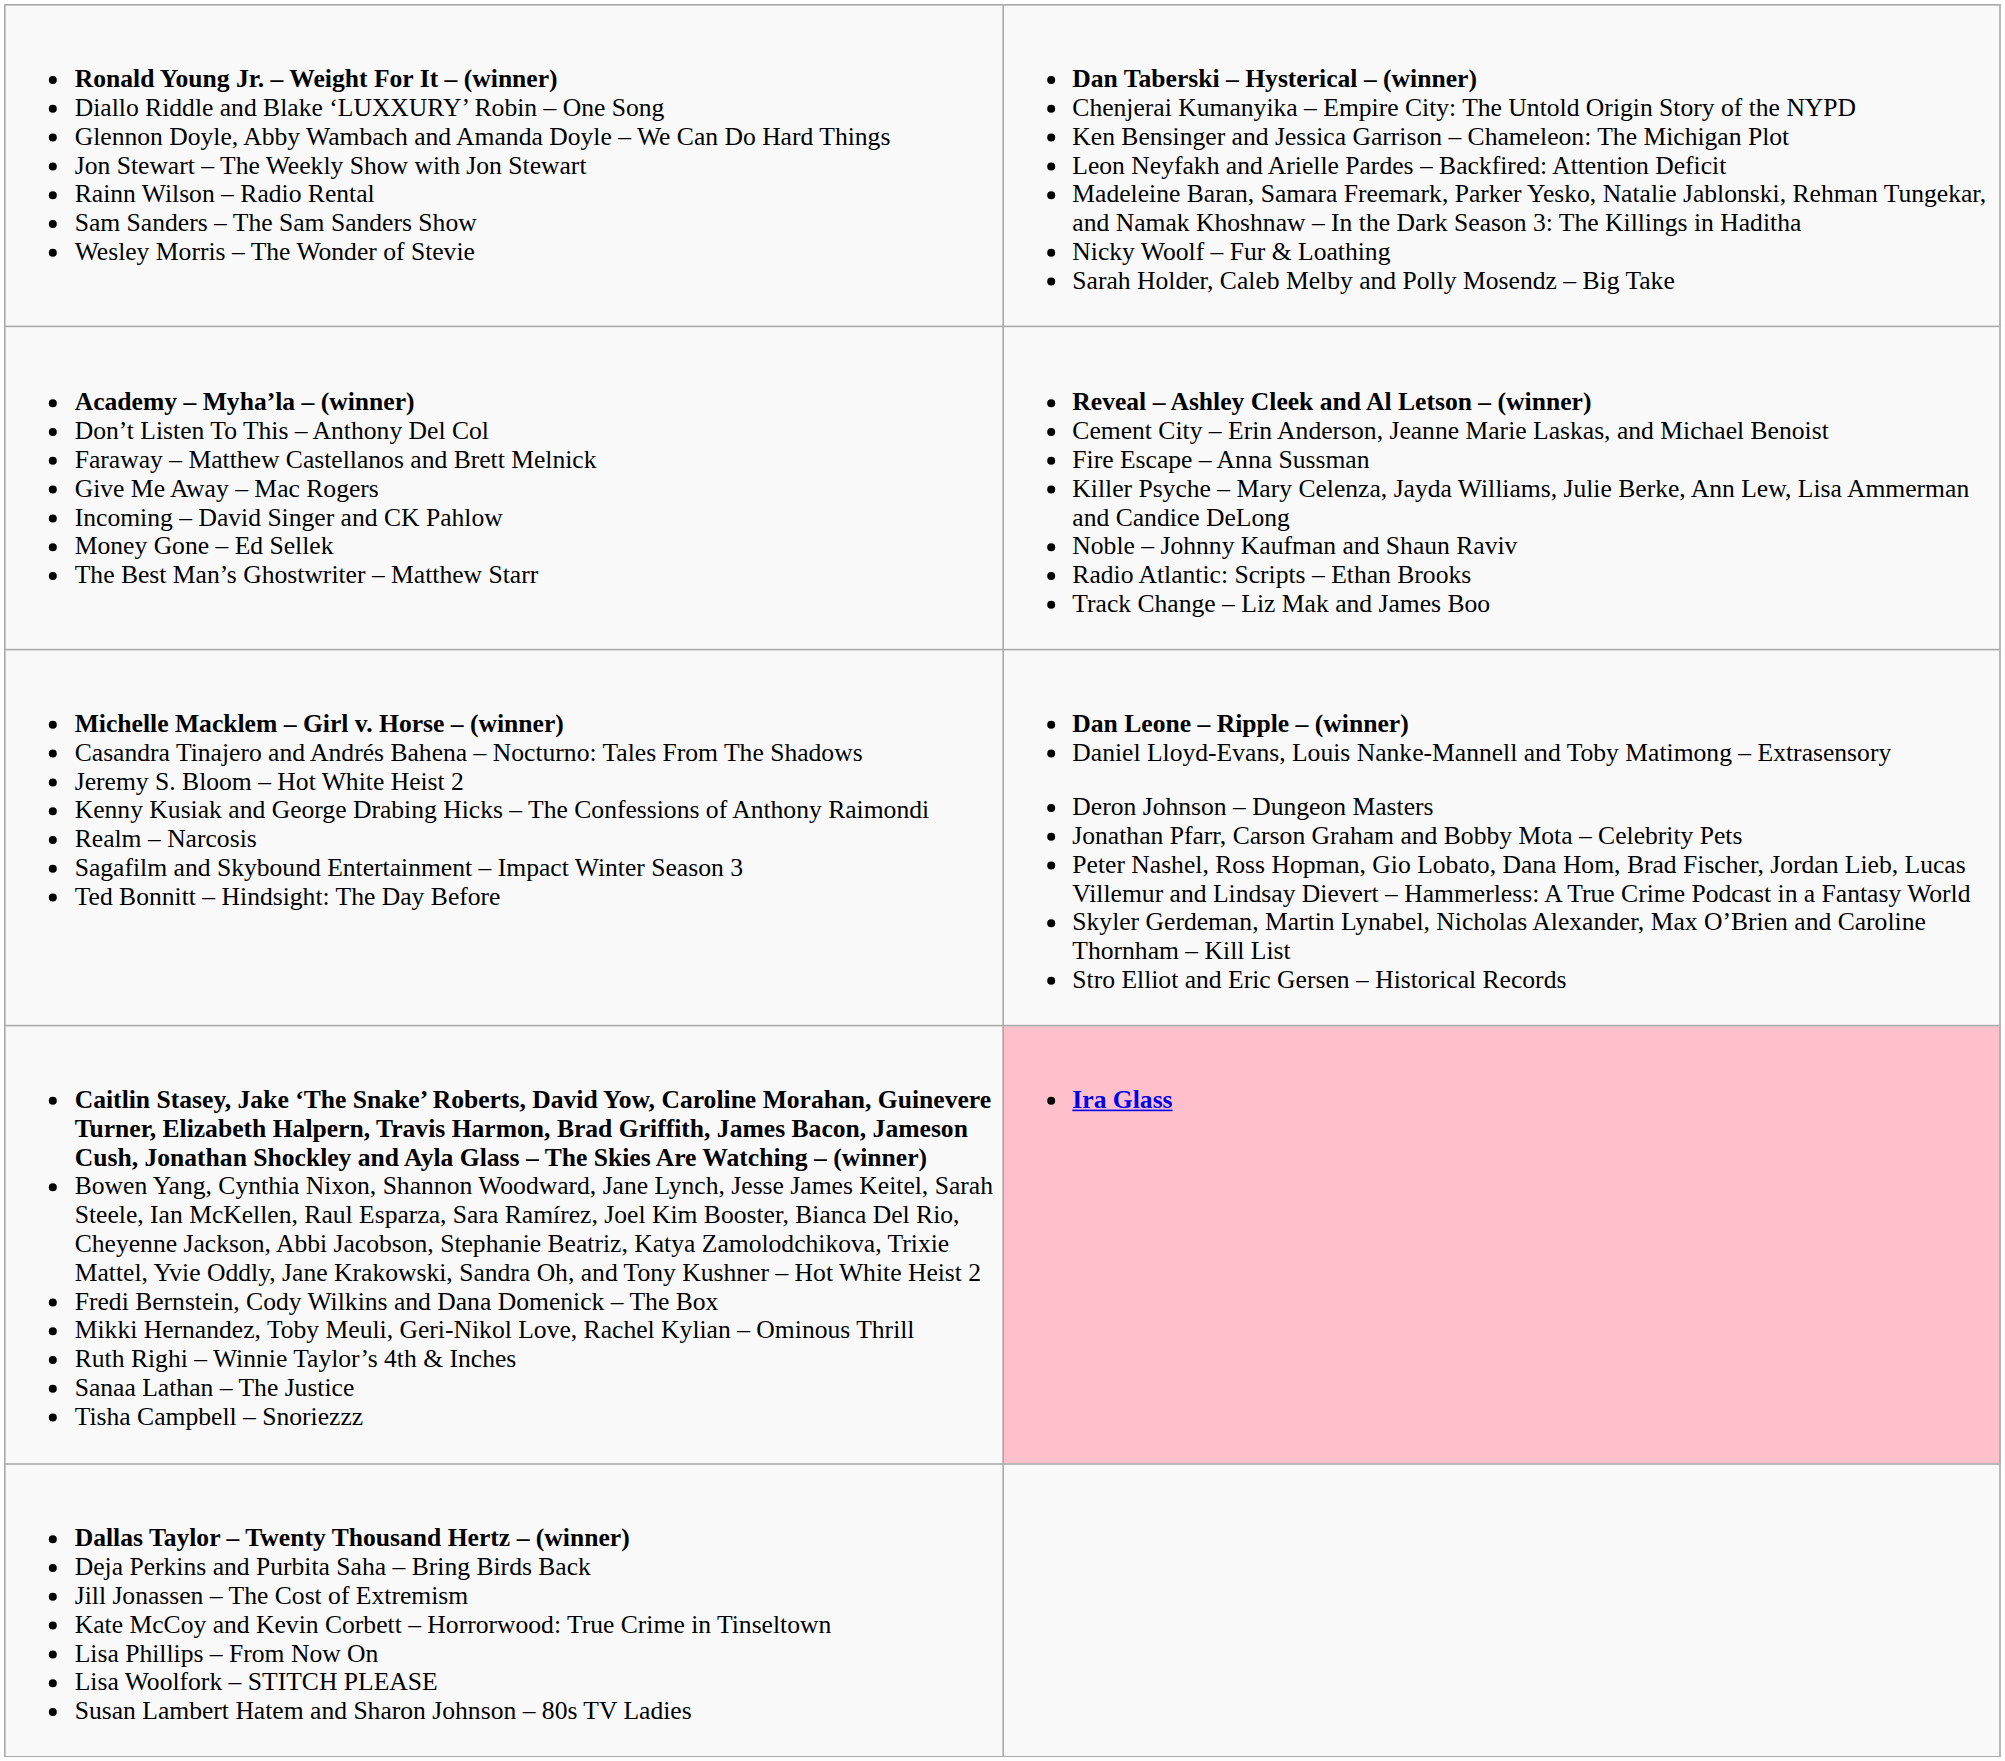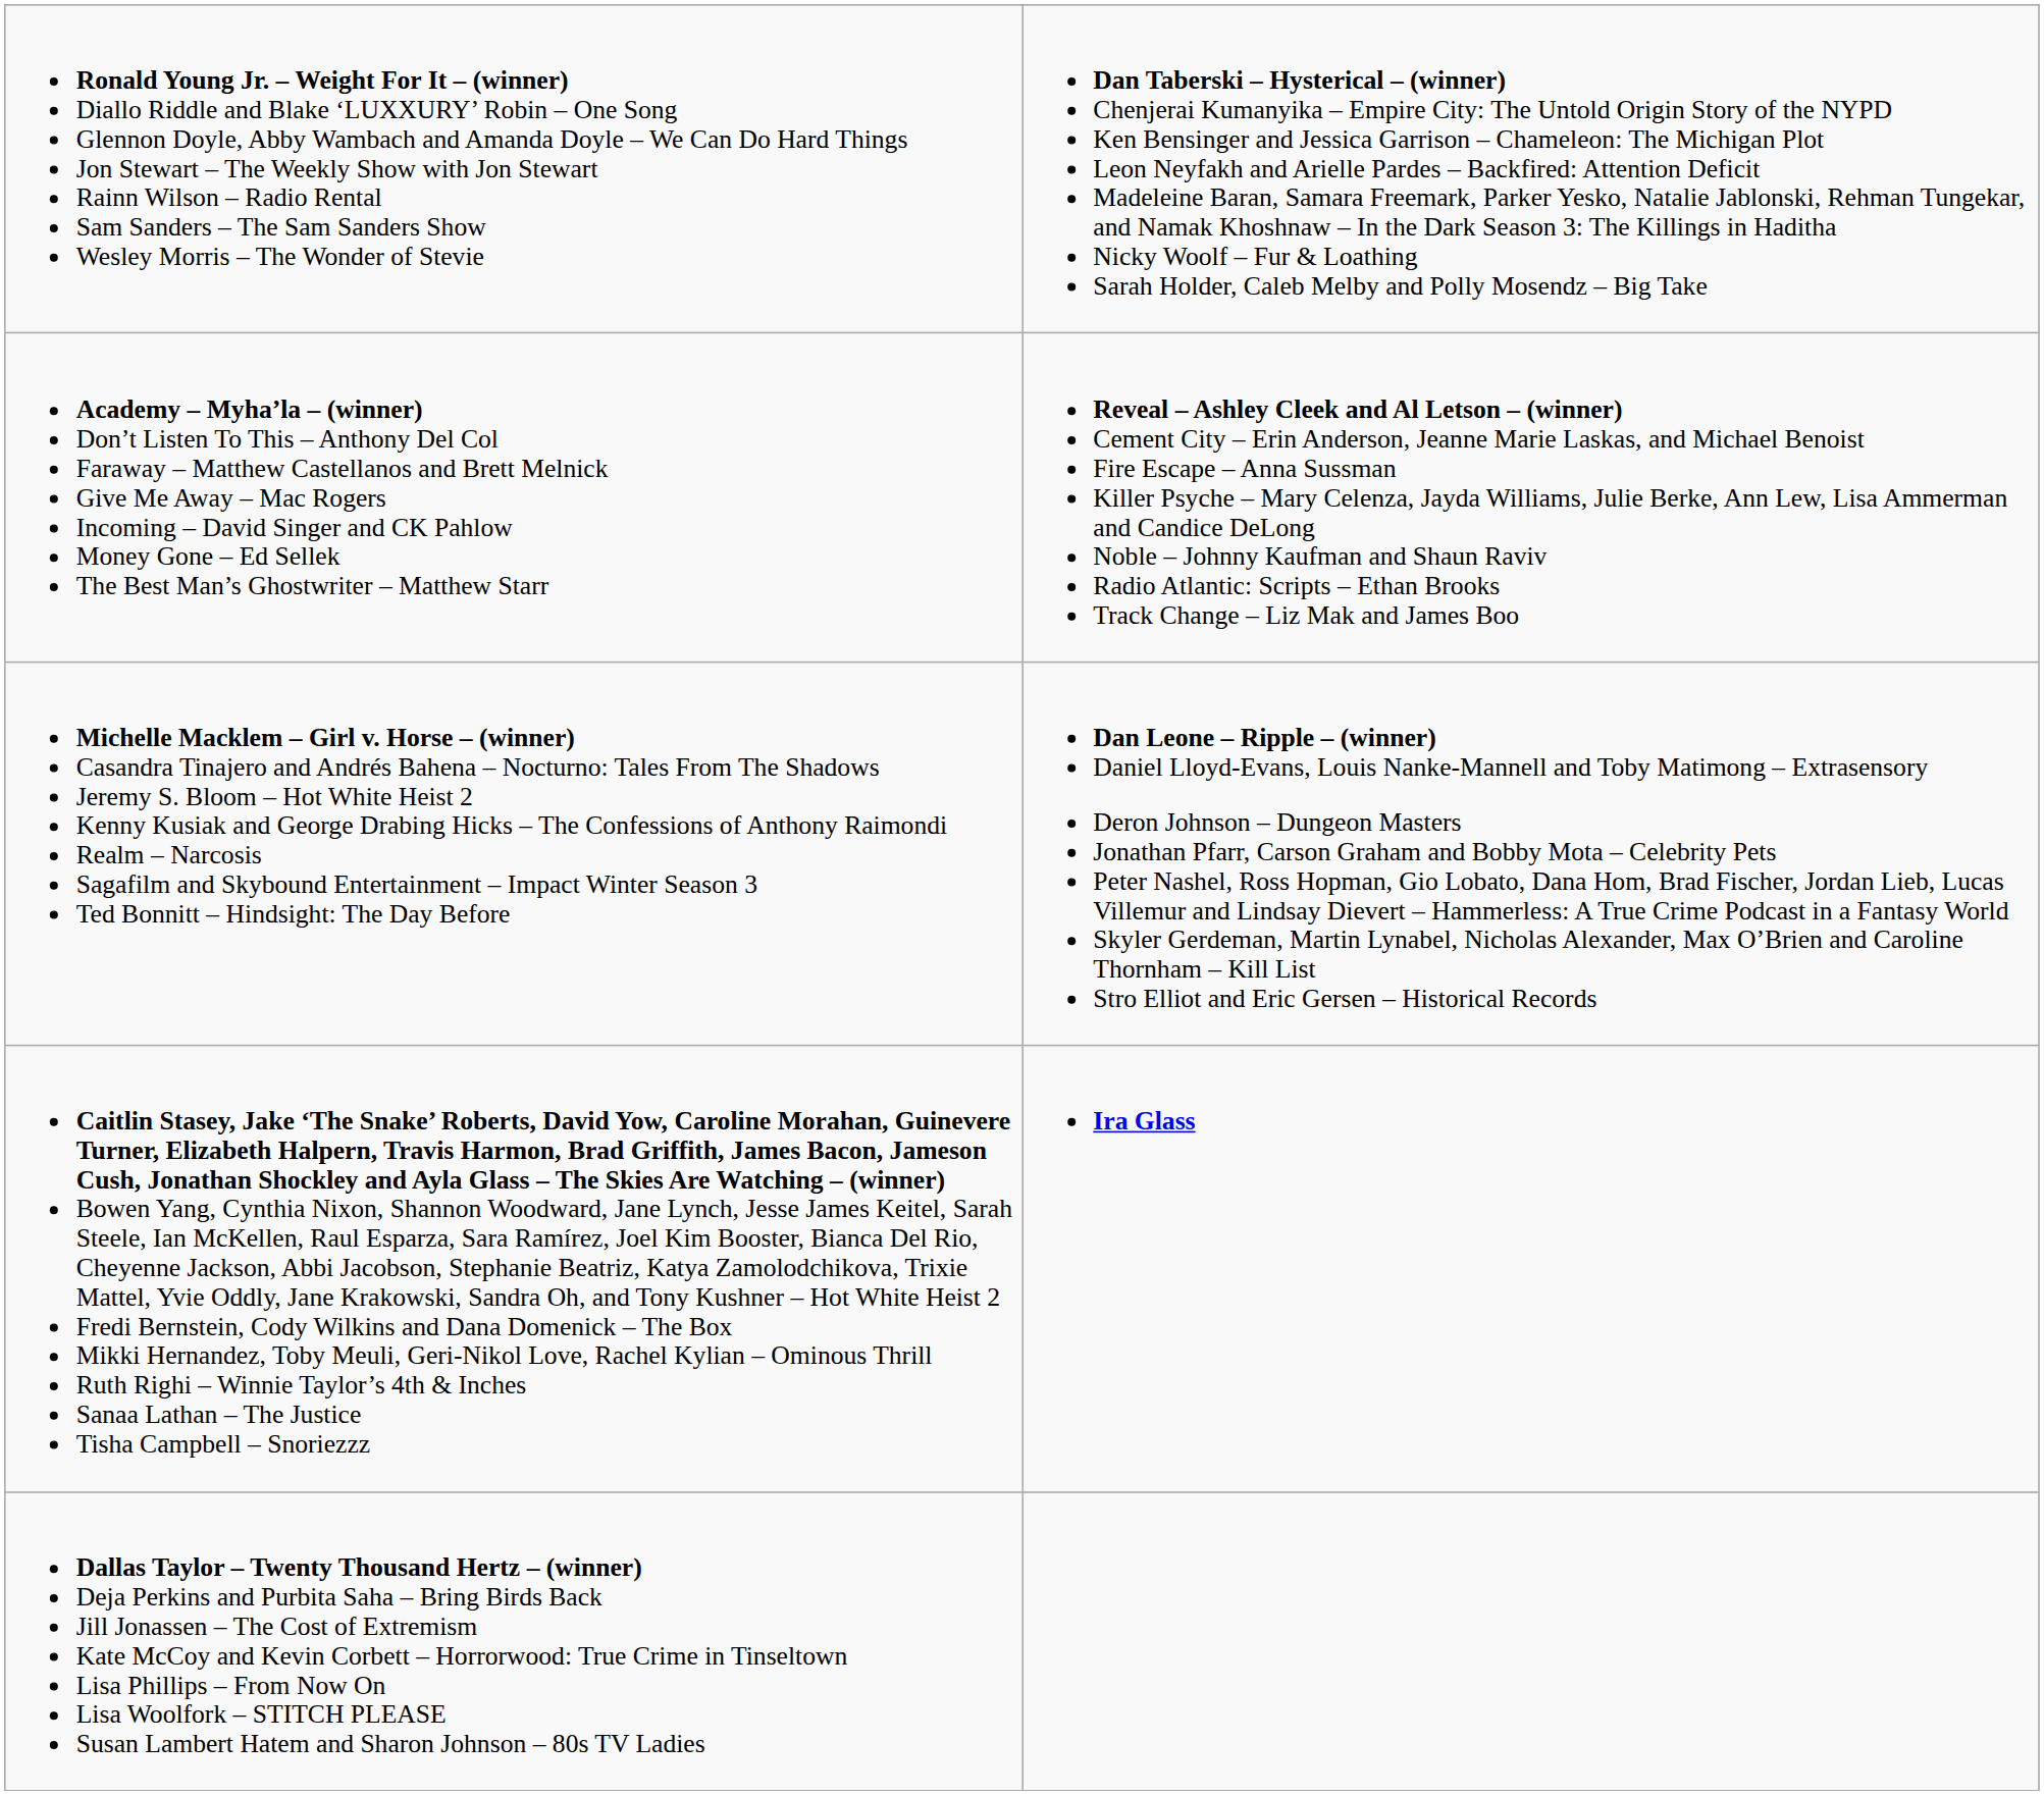 <table class="wikitable">
 <tr>
 <td style="vertical-align:top;" width="50%"><br><ul><li><strong>Ronald Young Jr. – Weight For It – (winner)</strong></li><li>Diallo Riddle and Blake ‘LUXXURY’ Robin – One Song</li><li>Glennon Doyle, Abby Wambach and Amanda Doyle – We Can Do Hard Things</li><li>Jon Stewart – The Weekly Show with Jon Stewart</li><li>Rainn Wilson – Radio Rental</li><li>Sam Sanders – The Sam Sanders Show</li><li>Wesley Morris – The Wonder of Stevie</li></ul></td>
 <td style="vertical-align:top;" width="50%"><br><ul><li><strong>Dan Taberski – Hysterical – (winner)</strong></li><li>Chenjerai Kumanyika – Empire City: The Untold Origin Story of the NYPD</li><li>Ken Bensinger and Jessica Garrison – Chameleon: The Michigan Plot</li><li>Leon Neyfakh and Arielle Pardes – Backfired: Attention Deficit</li><li>Madeleine Baran, Samara Freemark, Parker Yesko, Natalie Jablonski, Rehman Tungekar, and Namak Khoshnaw – In the Dark Season 3: The Killings in Haditha</li><li>Nicky Woolf – Fur & Loathing</li><li>Sarah Holder, Caleb Melby and Polly Mosendz – Big Take</li></ul></td>
 </tr>
 <tr>
 <td style="vertical-align:top;" width="50%"><br><ul><li><strong>Academy – Myha’la – (winner)</strong></li><li>Don’t Listen To This – Anthony Del Col</li><li>Faraway – Matthew Castellanos and Brett Melnick</li><li>Give Me Away – Mac Rogers</li><li>Incoming – David Singer and CK Pahlow</li><li>Money Gone – Ed Sellek</li><li>The Best Man’s Ghostwriter – Matthew Starr</li></ul></td>
 <td style="vertical-align:top;" width="50%"><br><ul><li><strong>Reveal – Ashley Cleek and Al Letson – (winner)</strong></li><li>Cement City – Erin Anderson, Jeanne Marie Laskas, and Michael Benoist</li><li>Fire Escape – Anna Sussman</li><li>Killer Psyche – Mary Celenza, Jayda Williams, Julie Berke, Ann Lew, Lisa Ammerman and Candice DeLong</li><li>Noble – Johnny Kaufman and Shaun Raviv</li><li>Radio Atlantic: Scripts – Ethan Brooks</li><li>Track Change – Liz Mak and James Boo</li></ul></td>
 </tr>
 <tr>
 <td style="vertical-align:top;" width="50%"><br><ul><li><strong>Michelle Macklem – Girl v. Horse – (winner)</strong></li><li>Casandra Tinajero and Andrés Bahena – Nocturno: Tales From The Shadows</li><li>Jeremy S. Bloom – Hot White Heist 2</li><li>Kenny Kusiak and George Drabing Hicks – The Confessions of Anthony Raimondi</li><li>Realm – Narcosis</li><li>Sagafilm and Skybound Entertainment – Impact Winter Season 3</li><li>Ted Bonnitt – Hindsight: The Day Before</li></ul></td>
 <td style="vertical-align:top;" width="50%"><br><ul><li><strong>Dan Leone – Ripple – (winner)</strong></li><li>Daniel Lloyd-Evans, Louis Nanke-Mannell and Toby Matimong – Extrasensory</li></ul><ul><li>Deron Johnson – Dungeon Masters</li><li>Jonathan Pfarr, Carson Graham and Bobby Mota – Celebrity Pets</li><li>Peter Nashel, Ross Hopman, Gio Lobato, Dana Hom, Brad Fischer, Jordan Lieb, Lucas Villemur and Lindsay Dievert – Hammerless: A True Crime Podcast in a Fantasy World</li><li>Skyler Gerdeman, Martin Lynabel, Nicholas Alexander, Max O’Brien and Caroline Thornham – Kill List</li><li>Stro Elliot and Eric Gersen – Historical Records</li></ul></td>
 </tr>
 <tr>
 <td style="vertical-align:top;" width="50%"><br><ul><li><strong>Caitlin Stasey, Jake ‘The Snake’ Roberts, David Yow, Caroline Morahan, Guinevere Turner, Elizabeth Halpern, Travis Harmon, Brad Griffith, James Bacon, Jameson Cush, Jonathan Shockley and Ayla Glass – The Skies Are Watching – (winner)</strong></li><li>Bowen Yang, Cynthia Nixon, Shannon Woodward, Jane Lynch, Jesse James Keitel, Sarah Steele, Ian McKellen, Raul Esparza, Sara Ramírez, Joel Kim Booster, Bianca Del Rio, Cheyenne Jackson, Abbi Jacobson, Stephanie Beatriz, Katya Zamolodchikova, Trixie Mattel, Yvie Oddly, Jane Krakowski, Sandra Oh, and Tony Kushner – Hot White Heist 2</li><li>Fredi Bernstein, Cody Wilkins and Dana Domenick – The Box</li><li>Mikki Hernandez, Toby Meuli, Geri-Nikol Love, Rachel Kylian – Ominous Thrill</li><li>Ruth Righi – Winnie Taylor’s 4th & Inches</li><li>Sanaa Lathan – The Justice</li><li>Tisha Campbell – Snoriezzz</li></ul></td>
-<td style="background: pink; vertical-align:top;" width="50%"><br><ul><li><strong><a href='#'>Ira Glass</a></strong></li></ul></td>
+<td style="vertical-align:top;" width="50%"><br><ul><li><strong><a href='#'>Ira Glass</a></strong></li></ul></td>
 </tr>
 <tr>
 <td><br><ul><li><strong>Dallas Taylor – Twenty Thousand Hertz – (winner)</strong></li><li>Deja Perkins and Purbita Saha – Bring Birds Back</li><li>Jill Jonassen – The Cost of Extremism</li><li>Kate McCoy and Kevin Corbett – Horrorwood: True Crime in Tinseltown</li><li>Lisa Phillips – From Now On</li><li>Lisa Woolfork – STITCH PLEASE</li><li>Susan Lambert Hatem and Sharon Johnson – 80s TV Ladies</li></ul></td>
 <td></td>
 </tr>
 </table>
